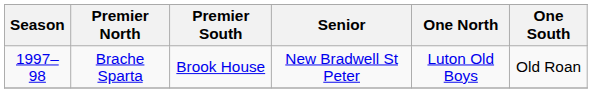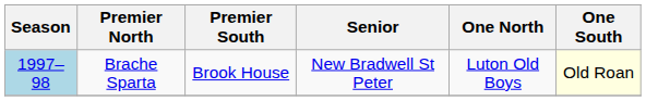 <table class="wikitable" style="text-align: center">
 <tr>
 </tr>
 <tr>
 <th>Season</th>
 <th>Premier North</th>
 <th>Premier South</th>
 <th>Senior</th>
 <th>One North</th>
 <th>One South</th>
 </tr>
 <tr>
-<td><a href='#'>1997–98</a></td>
+<td style="background: lightblue;"><a href='#'>1997–98</a></td>
 <td><a href='#'>Brache Sparta</a></td>
 <td><a href='#'>Brook House</a></td>
 <td><a href='#'>New Bradwell St Peter</a></td>
 <td><a href='#'>Luton Old Boys</a></td>
-<td>Old Roan</td>
+<td style="background: lightyellow;">Old Roan</td>
 </tr>
 <tr>
 </tr>
 </table>
